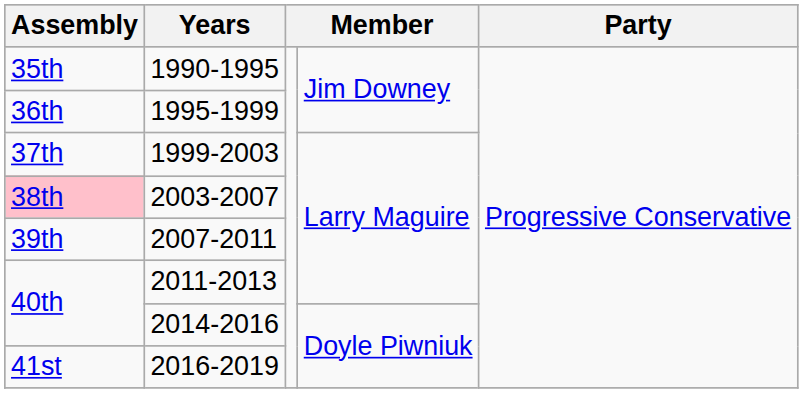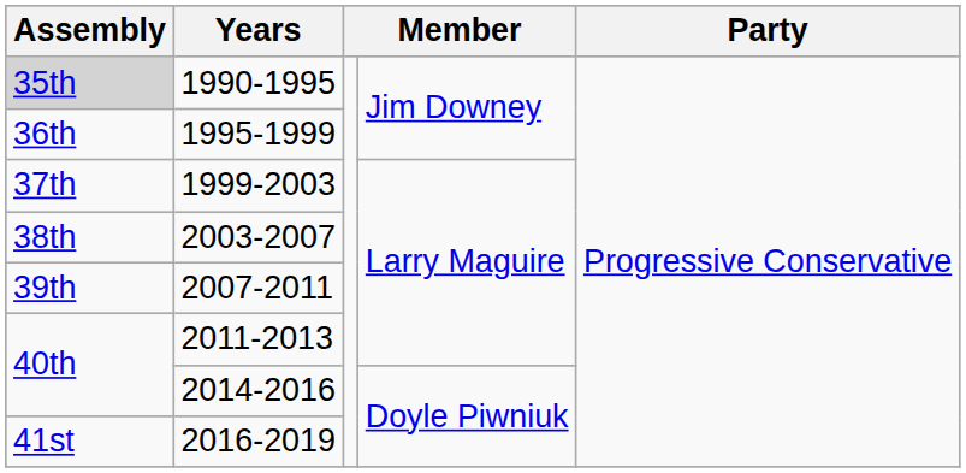 <table class="wikitable">
 <tr>
 <th>Assembly</th>
 <th>Years</th>
 <th colspan="2">Member</th>
 <th>Party</th>
 </tr>
 <tr>
-<td><a href='#'>35th</a></td>
+<td style="background: lightgrey;"><a href='#'>35th</a></td>
 <td>1990-1995</td>
 <td rowspan=8 ></td>
 <td rowspan=2><a href='#'>Jim Downey</a></td>
 <td rowspan=8><a href='#'>Progressive Conservative</a></td>
 </tr>
 <tr>
 <td><a href='#'>36th</a></td>
 <td>1995-1999</td>
 </tr>
 <tr>
 <td><a href='#'>37th</a></td>
 <td>1999-2003</td>
 <td rowspan=4><a href='#'>Larry Maguire</a></td>
 </tr>
 <tr>
-<td style="background: pink;"><a href='#'>38th</a></td>
+<td><a href='#'>38th</a></td>
 <td>2003-2007</td>
 </tr>
 <tr>
 <td><a href='#'>39th</a></td>
 <td>2007-2011</td>
 </tr>
 <tr>
 <td rowspan=2><a href='#'>40th</a></td>
 <td>2011-2013</td>
 </tr>
 <tr>
 <td>2014-2016</td>
 <td rowspan=2><a href='#'>Doyle Piwniuk</a></td>
 </tr>
 <tr>
 <td><a href='#'>41st</a></td>
 <td>2016-2019</td>
 </tr>
 </table>
